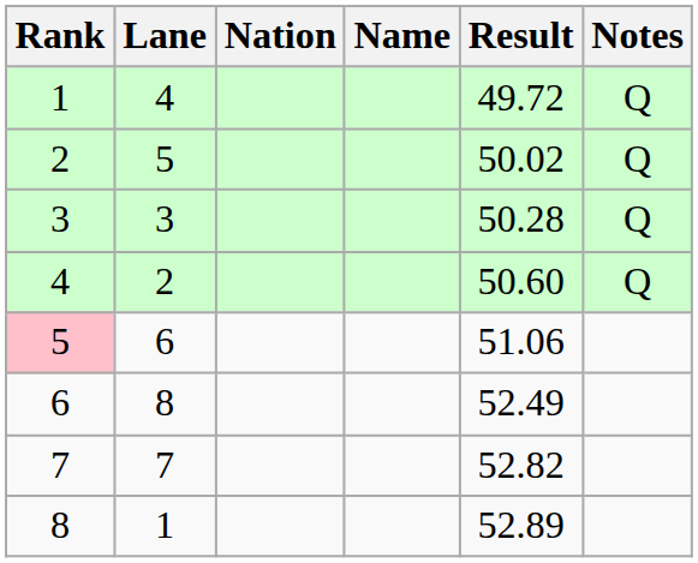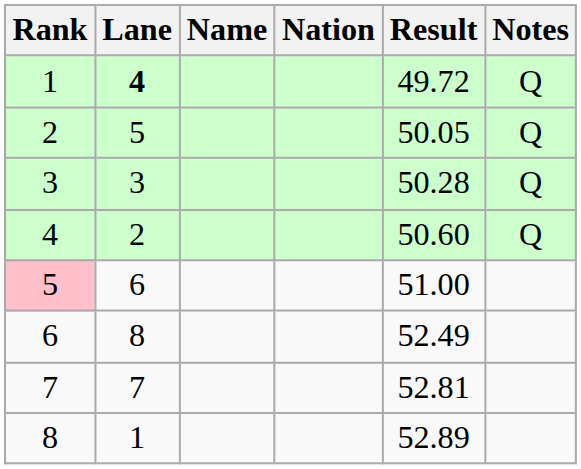 <table class="wikitable" style="text-align:center">
 <tr>
 <th>Rank</th>
 <th>Lane</th>
+<th>Name</th>
 <th>Nation</th>
-<th>Name</th>
 <th>Result</th>
 <th>Notes</th>
 </tr>
 <tr bgcolor="ccffcc">
 <td>1</td>
-<td>4</td>
+<td><strong>4</strong></td>
+<td align="left"></td>
 <td align=left></td>
-<td align="left"></td>
 <td>49.72</td>
 <td>Q</td>
 </tr>
 <tr bgcolor="ccffcc">
 <td>2</td>
 <td>5</td>
+<td align="left"></td>
 <td align=left></td>
-<td align="left"></td>
-<td>50.02</td>
+<td>50.05</td>
 <td>Q</td>
 </tr>
 <tr bgcolor="ccffcc">
 <td>3</td>
 <td>3</td>
+<td align="left"></td>
 <td align=left></td>
-<td align="left"></td>
 <td>50.28</td>
 <td>Q</td>
 </tr>
 <tr bgcolor="ccffcc">
 <td>4</td>
 <td>2</td>
+<td align="left"></td>
 <td align=left></td>
-<td align="left"></td>
 <td>50.60</td>
 <td>Q</td>
 </tr>
 <tr>
 <td style="background: pink;">5</td>
 <td>6</td>
+<td align="left"></td>
 <td align=left></td>
-<td align="left"></td>
-<td>51.06</td>
+<td>51.00</td>
 <td></td>
 </tr>
 <tr>
 <td>6</td>
 <td>8</td>
+<td align="left"></td>
 <td align=left></td>
-<td align="left"></td>
 <td>52.49</td>
 <td></td>
 </tr>
 <tr>
 <td>7</td>
 <td>7</td>
+<td align="left"></td>
 <td align=left></td>
-<td align="left"></td>
-<td>52.82</td>
+<td>52.81</td>
 <td></td>
 </tr>
 <tr>
 <td>8</td>
 <td>1</td>
+<td align="left"></td>
 <td align=left></td>
-<td align="left"></td>
 <td>52.89</td>
 <td></td>
 </tr>
 </table>
